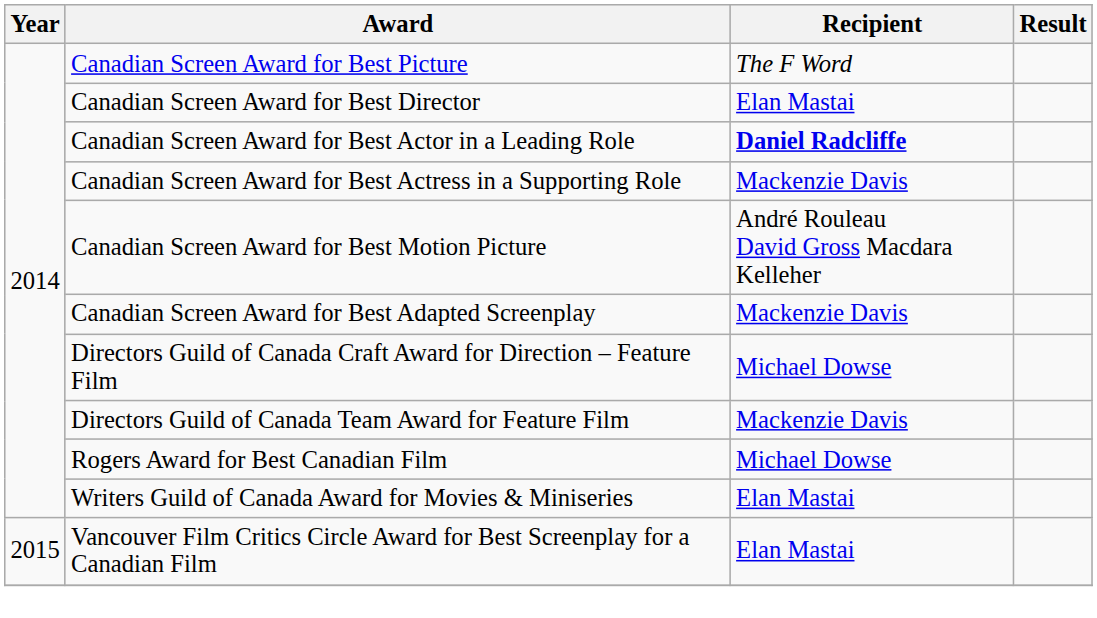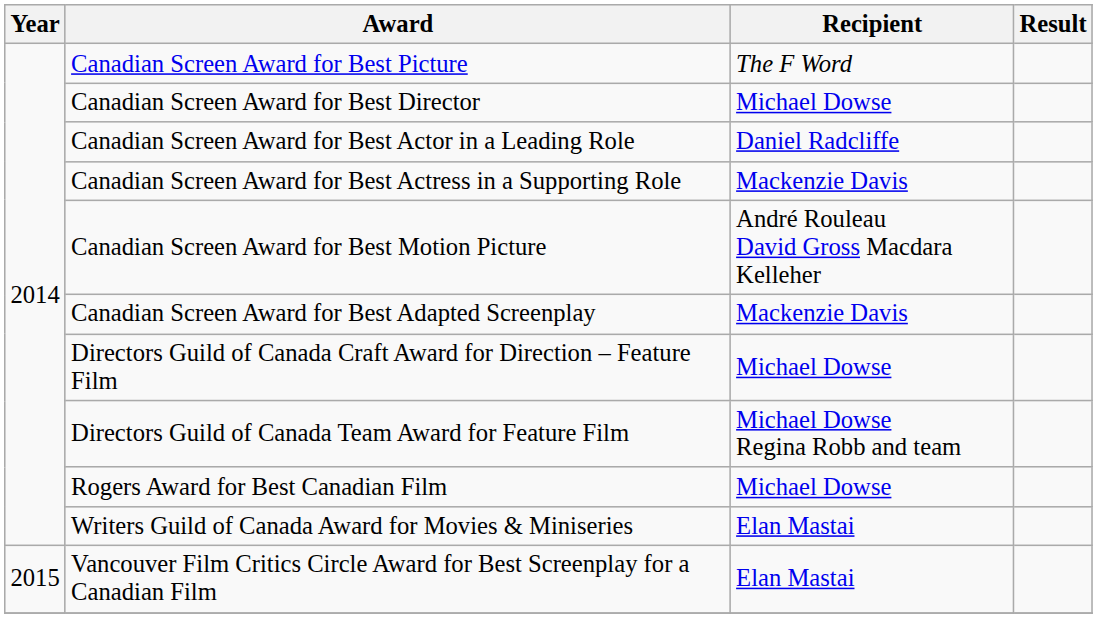 <table class="wikitable sortable" width="80%">
 <tr>
 <th>Year</th>
 <th>Award</th>
 <th>Recipient</th>
 <th>Result</th>
 </tr>
 <tr>
 <td rowspan="10">2014</td>
 <td><a href='#'>Canadian Screen Award for Best Picture</a></td>
 <td><em>The F Word</em></td>
 <td></td>
 </tr>
 <tr>
 <td Canadian Screen Awards>Canadian Screen Award for Best Director</td>
-<td><a href='#'>Elan Mastai</a></td>
+<td><a href='#'>Michael Dowse</a></td>
 <td></td>
 </tr>
 <tr>
 <td Canadian Screen Awards>Canadian Screen Award for Best Actor in a Leading Role</td>
-<td><strong><a href='#'>Daniel Radcliffe</a></strong></td>
+<td><a href='#'>Daniel Radcliffe</a></td>
 <td></td>
 </tr>
 <tr>
 <td Canadian Screen Awards>Canadian Screen Award for Best Actress in a Supporting Role</td>
 <td><a href='#'>Mackenzie Davis</a></td>
 <td></td>
 </tr>
 <tr>
 <td>Canadian Screen Award for Best Motion Picture</td>
 <td>André Rouleau<br><a href='#'>David Gross</a> Macdara Kelleher</td>
 <td></td>
 </tr>
 <tr>
 <td Canadian Screen Awards>Canadian Screen Award for Best Adapted Screenplay</td>
 <td><a href='#'>Mackenzie Davis</a></td>
 <td></td>
 </tr>
 <tr>
 <td>Directors Guild of Canada Craft Award for Direction – Feature Film</td>
 <td><a href='#'>Michael Dowse</a></td>
 <td></td>
 </tr>
 <tr>
 <td>Directors Guild of Canada Team Award for Feature Film</td>
-<td><a href='#'>Mackenzie Davis</a></td>
+<td><a href='#'>Michael Dowse</a><br>Regina Robb  and team</td>
 <td></td>
 </tr>
 <tr>
 <td>Rogers Award for Best Canadian Film</td>
 <td><a href='#'>Michael Dowse</a></td>
 <td></td>
 </tr>
 <tr>
 <td>Writers Guild of Canada Award for Movies & Miniseries</td>
 <td><a href='#'>Elan Mastai</a></td>
 <td></td>
 </tr>
 <tr>
 <td>2015</td>
 <td>Vancouver Film Critics Circle Award for Best Screenplay for a Canadian Film</td>
 <td><a href='#'>Elan Mastai</a></td>
 <td></td>
 </tr>
 <tr>
 </tr>
 </table>
